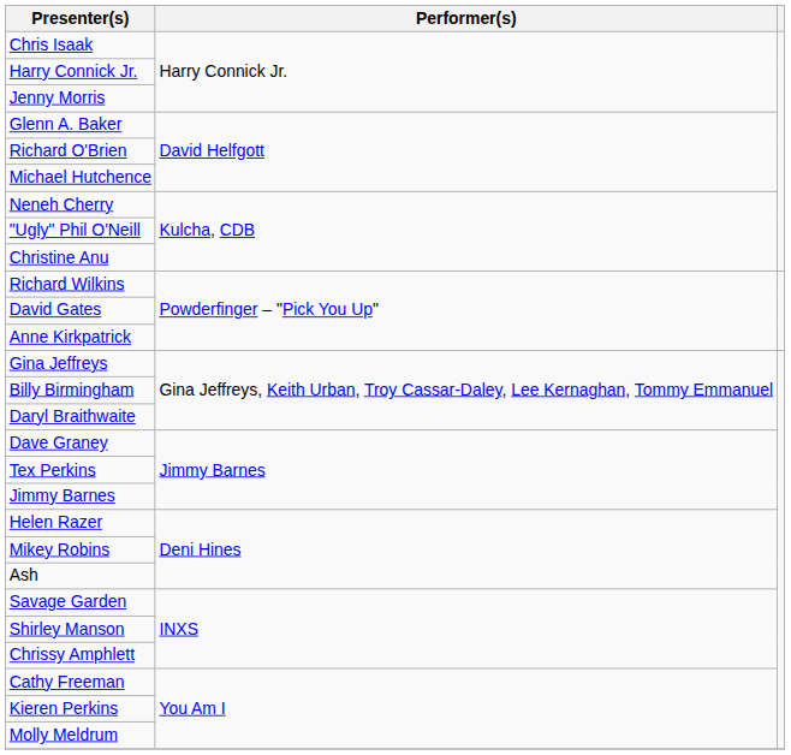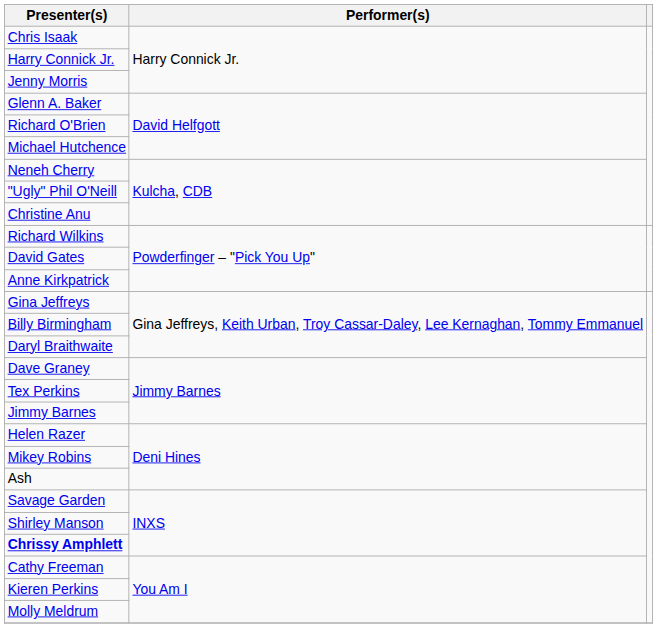 <table class="wikitable plainrowheaders">
 <tr>
 <th scope="col">Presenter(s)</th>
 <th scope="col">Performer(s)</th>
 <th scope="col"></th>
 </tr>
 <tr>
 <td><a href='#'>Chris Isaak</a></td>
 <td rowspan="3">Harry Connick Jr.</td>
 <td rowspan="9"></td>
 </tr>
 <tr>
 <td><a href='#'>Harry Connick Jr.</a></td>
 </tr>
 <tr>
 <td><a href='#'>Jenny Morris</a></td>
 </tr>
 <tr>
 <td><a href='#'>Glenn A. Baker</a></td>
 <td rowspan="3"><a href='#'>David Helfgott</a></td>
 </tr>
 <tr>
 <td><a href='#'>Richard O'Brien</a></td>
 </tr>
 <tr>
 <td><a href='#'>Michael Hutchence</a></td>
 </tr>
 <tr>
 <td><a href='#'>Neneh Cherry</a></td>
 <td rowspan="3"><a href='#'>Kulcha</a>, <a href='#'>CDB</a></td>
 </tr>
 <tr>
 <td><a href='#'>"Ugly" Phil O'Neill</a></td>
 </tr>
 <tr>
 <td><a href='#'>Christine Anu</a></td>
 </tr>
 <tr>
 <td><a href='#'>Richard Wilkins</a></td>
 <td rowspan="3"><a href='#'>Powderfinger</a> – "<a href='#'>Pick You Up</a>"</td>
 <td rowspan="3"></td>
 </tr>
 <tr>
 <td><a href='#'>David Gates</a></td>
 </tr>
 <tr>
 <td><a href='#'>Anne Kirkpatrick</a></td>
 </tr>
 <tr>
 <td><a href='#'>Gina Jeffreys</a></td>
 <td rowspan="3">Gina Jeffreys, <a href='#'>Keith Urban</a>, <a href='#'>Troy Cassar-Daley</a>, <a href='#'>Lee Kernaghan</a>, <a href='#'>Tommy Emmanuel</a></td>
 <td rowspan="15"></td>
 </tr>
 <tr>
 <td><a href='#'>Billy Birmingham</a></td>
 </tr>
 <tr>
 <td><a href='#'>Daryl Braithwaite</a></td>
 </tr>
 <tr>
 <td><a href='#'>Dave Graney</a></td>
 <td rowspan="3"><a href='#'>Jimmy Barnes</a></td>
 </tr>
 <tr>
 <td><a href='#'>Tex Perkins</a></td>
 </tr>
 <tr>
 <td><a href='#'>Jimmy Barnes</a></td>
 </tr>
 <tr>
 <td><a href='#'>Helen Razer</a></td>
 <td rowspan="3"><a href='#'>Deni Hines</a></td>
 </tr>
 <tr>
 <td><a href='#'>Mikey Robins</a></td>
 </tr>
 <tr>
 <td>Ash</td>
 </tr>
 <tr>
 <td><a href='#'>Savage Garden</a></td>
 <td rowspan="3"><a href='#'>INXS</a></td>
 </tr>
 <tr>
 <td><a href='#'>Shirley Manson</a></td>
 </tr>
 <tr>
-<td><a href='#'>Chrissy Amphlett</a></td>
+<td><strong><a href='#'>Chrissy Amphlett</a></strong></td>
 </tr>
 <tr>
 <td><a href='#'>Cathy Freeman</a></td>
 <td rowspan="3"><a href='#'>You Am I</a></td>
 </tr>
 <tr>
 <td><a href='#'>Kieren Perkins</a></td>
 </tr>
 <tr>
 <td><a href='#'>Molly Meldrum</a></td>
 </tr>
 <tr>
 </tr>
 </table>
